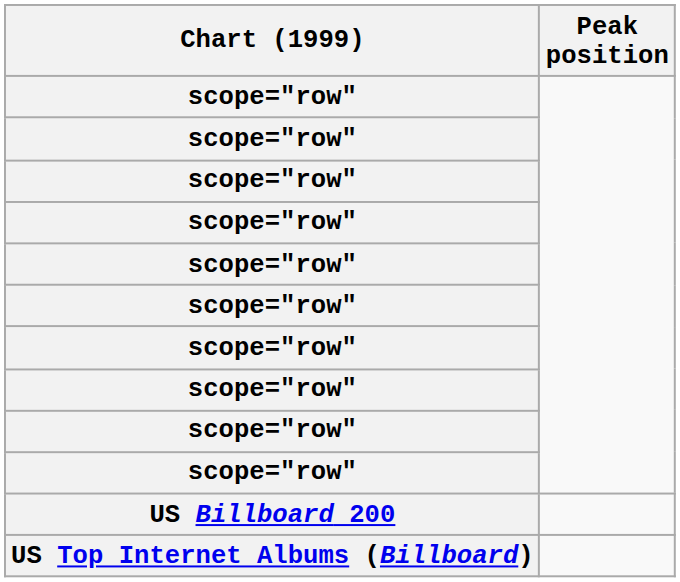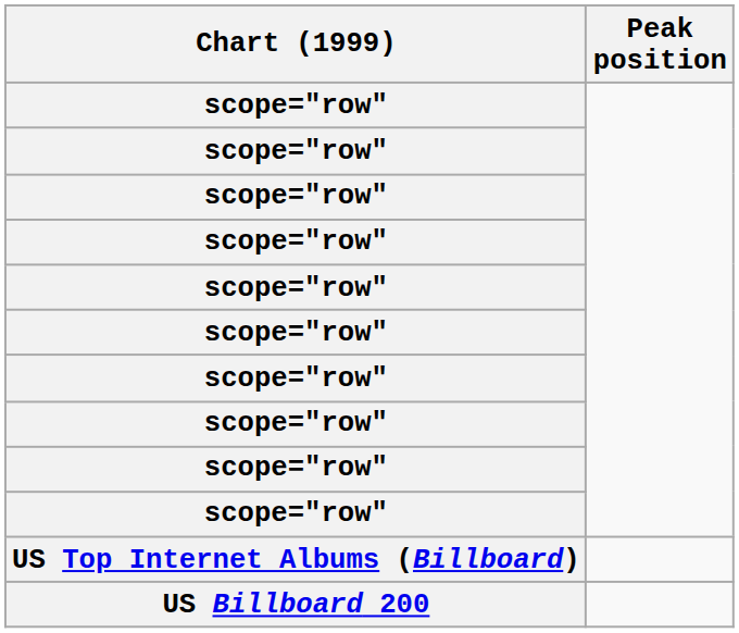 <table class="wikitable sortable plainrowheaders">
 <tr>
 <th scope="col">Chart (1999)</th>
 <th scope="col">Peak<br>position</th>
 </tr>
 <tr>
 <th>scope="row" </th>
 </tr>
 <tr>
 <th>scope="row" </th>
 </tr>
 <tr>
 <th>scope="row" </th>
 </tr>
 <tr>
 <th>scope="row" </th>
 </tr>
 <tr>
 <th>scope="row" </th>
 </tr>
 <tr>
 <th>scope="row" </th>
 </tr>
 <tr>
 <th>scope="row" </th>
 </tr>
 <tr>
 <th>scope="row" </th>
 </tr>
 <tr>
 <th>scope="row" </th>
 </tr>
 <tr>
 <th>scope="row" </th>
 </tr>
 <tr>
+<th scope="row">US <a href='#'>Top Internet Albums</a> (<em><a href='#'>Billboard</a></em>)</th>
+<td></td>
+</tr>
+<tr>
 <th scope="row">US <a href='#'><em>Billboard</em> 200</a></th>
 <td></td>
 </tr>
-<tr>
-<th scope="row">US <a href='#'>Top Internet Albums</a> (<em><a href='#'>Billboard</a></em>)</th>
-<td></td>
-</tr>
 </table>
